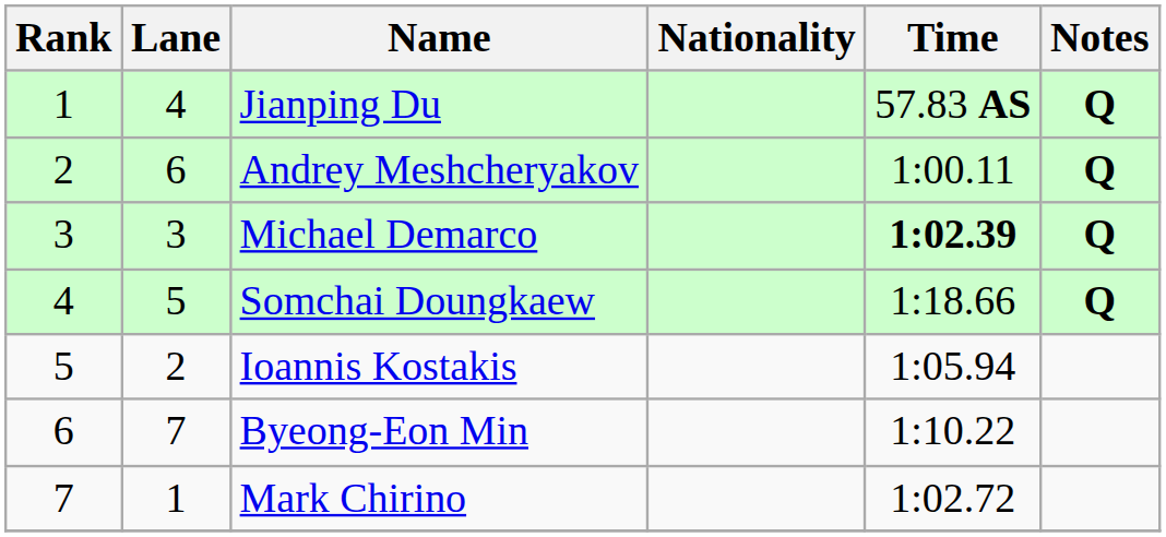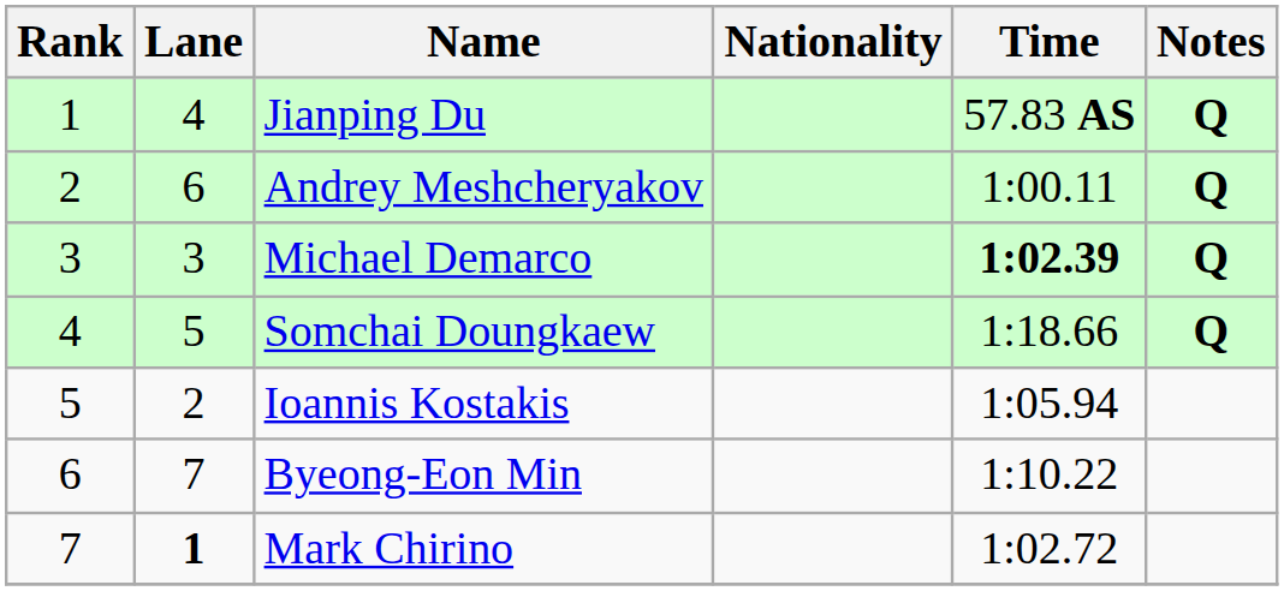 <table class="wikitable">
 <tr>
 <th>Rank</th>
 <th>Lane</th>
 <th>Name</th>
 <th>Nationality</th>
 <th>Time</th>
 <th>Notes</th>
 </tr>
 <tr bgcolor=ccffcc>
 <td align=center>1</td>
 <td align=center>4</td>
 <td><a href='#'>Jianping Du</a></td>
 <td></td>
 <td align=center>57.83 <strong>AS</strong></td>
 <td align=center><strong>Q</strong></td>
 </tr>
 <tr bgcolor=ccffcc>
 <td align=center>2</td>
 <td align=center>6</td>
 <td><a href='#'>Andrey Meshcheryakov</a></td>
 <td></td>
 <td align=center>1:00.11</td>
 <td align=center><strong>Q</strong></td>
 </tr>
 <tr bgcolor=ccffcc>
 <td align=center>3</td>
 <td align=center>3</td>
 <td><a href='#'>Michael Demarco</a></td>
 <td></td>
 <td align=center><strong>1:02.39</strong></td>
 <td align=center><strong>Q</strong></td>
 </tr>
 <tr bgcolor=ccffcc>
 <td align=center>4</td>
 <td align=center>5</td>
 <td><a href='#'>Somchai Doungkaew</a></td>
 <td></td>
 <td align=center>1:18.66</td>
 <td align=center><strong>Q</strong></td>
 </tr>
 <tr>
 <td align=center>5</td>
 <td align=center>2</td>
 <td><a href='#'>Ioannis Kostakis</a></td>
 <td></td>
 <td align=center>1:05.94</td>
 <td align=center></td>
 </tr>
 <tr>
 <td align=center>6</td>
 <td align=center>7</td>
 <td><a href='#'>Byeong-Eon Min</a></td>
 <td></td>
 <td align=center>1:10.22</td>
 <td align=center></td>
 </tr>
 <tr>
 <td align=center>7</td>
-<td align=center>1</td>
+<td align=center><strong>1</strong></td>
 <td><a href='#'>Mark Chirino</a></td>
 <td></td>
 <td align=center>1:02.72</td>
 <td align=center></td>
 </tr>
 <tr>
 </tr>
 </table>
